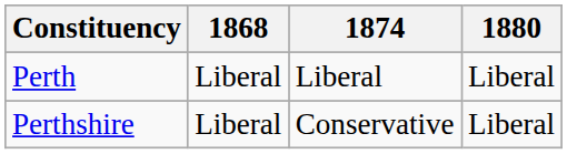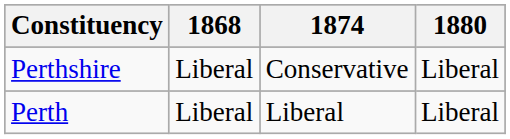 <table class="wikitable">
 <tr>
 <th>Constituency</th>
 <th>1868</th>
 <th>1874</th>
 <th>1880</th>
 </tr>
 <tr>
+<td><a href='#'>Perthshire</a></td>
+<td>Liberal</td>
+<td>Conservative</td>
+<td>Liberal</td>
+</tr>
+<tr>
 <td><a href='#'>Perth</a></td>
 <td>Liberal</td>
 <td>Liberal</td>
 <td>Liberal</td>
 </tr>
-<tr>
-<td><a href='#'>Perthshire</a></td>
-<td>Liberal</td>
-<td>Conservative</td>
-<td>Liberal</td>
-</tr>
 </table>
